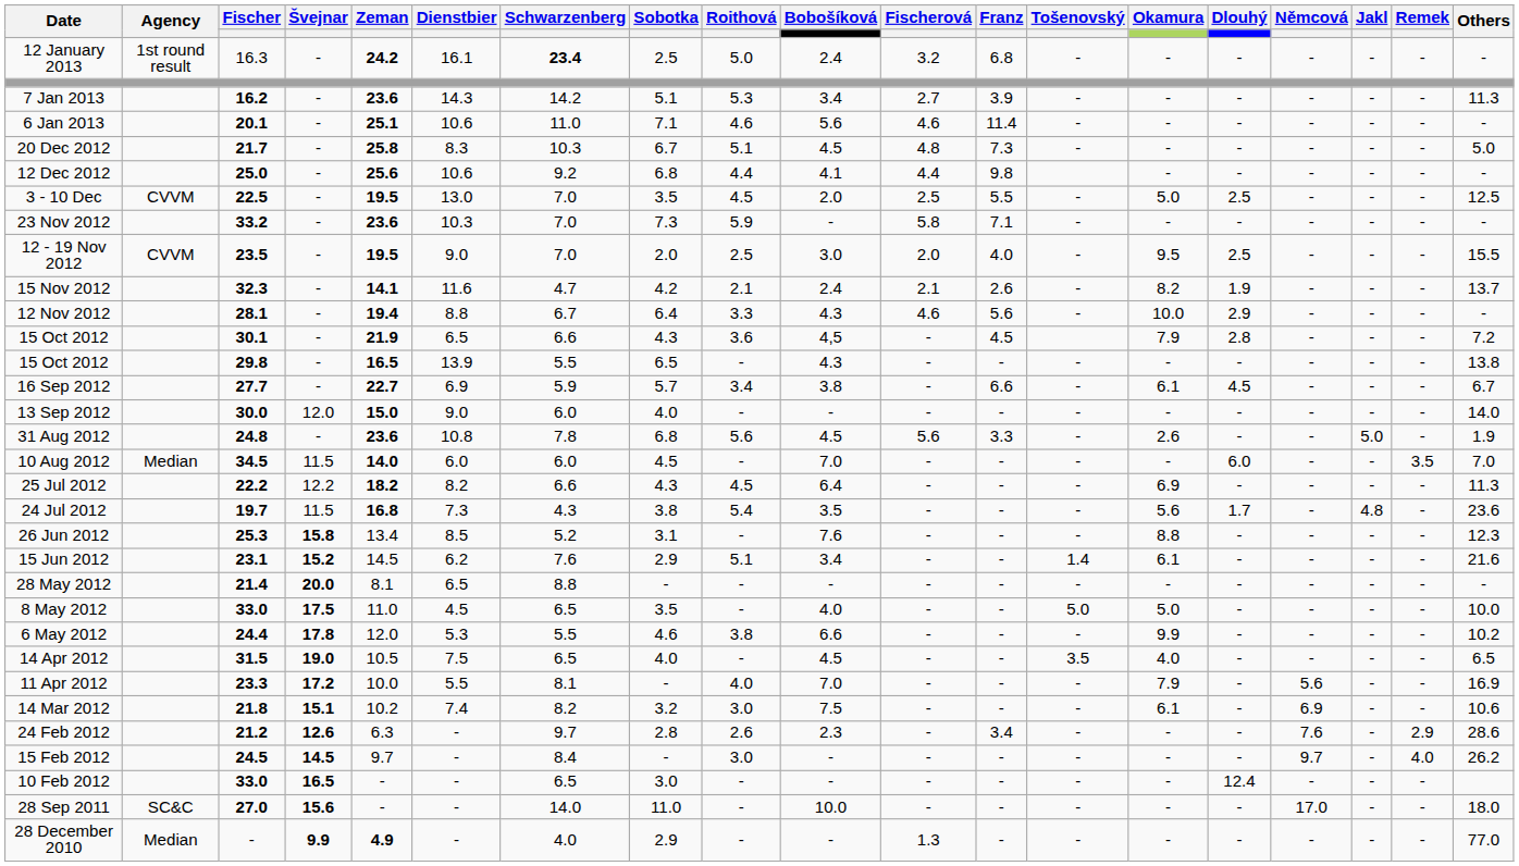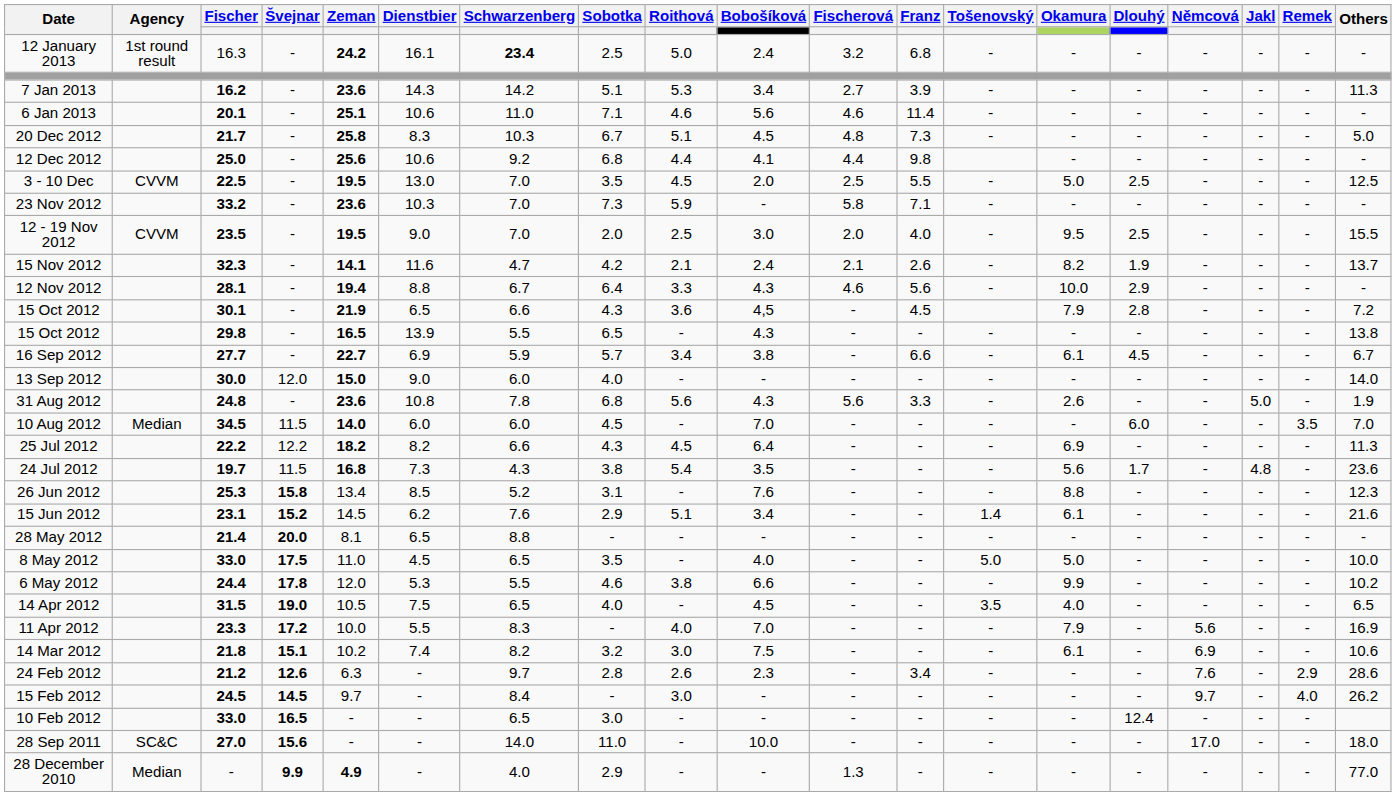 <table class="wikitable" style=text-align:center;font-size:85%;line-height:14px;">
 <tr>
 <th rowspan=2>Date</th>
 <th rowspan=2>Agency</th>
 <th><a href='#'>Fischer</a></th>
 <th><a href='#'>Švejnar</a></th>
 <th><a href='#'>Zeman</a></th>
 <th><a href='#'>Dienstbier</a></th>
 <th><a href='#'>Schwarzenberg</a></th>
 <th><a href='#'>Sobotka</a></th>
 <th><a href='#'>Roithová</a></th>
 <th><a href='#'>Bobošíková</a></th>
 <th><a href='#'>Fischerová</a></th>
 <th><a href='#'>Franz</a></th>
 <th><a href='#'>Tošenovský</a></th>
 <th><a href='#'>Okamura</a></th>
 <th><a href='#'>Dlouhý</a></th>
 <th><a href='#'>Němcová</a></th>
 <th><a href='#'>Jakl</a></th>
 <th><a href='#'>Remek</a></th>
 <th rowspan=2>Others</th>
 </tr>
 <tr>
 <th style="background:"></th>
 <th style="background:"></th>
 <th style="background:"></th>
 <th style="background:"></th>
 <th style="background:"></th>
 <th style="background:"></th>
 <th style="background:"></th>
 <th style="background:#000000; width:40px;"></th>
 <th style="background:"></th>
 <th style="background:"></th>
 <th style="background:"></th>
 <th style="background:#ACD55F; width:40px;"></th>
 <th style="background:#0000FF; width:40px;"></th>
 <th style="background:"></th>
 <th style="background:"></th>
 <th style="background:"></th>
 </tr>
 <tr>
 <td>12 January 2013</td>
 <td>1st round result</td>
 <td>16.3</td>
 <td>-</td>
 <td><strong>24.2</strong></td>
 <td>16.1</td>
 <td><strong>23.4</strong></td>
 <td>2.5</td>
 <td>5.0</td>
 <td>2.4</td>
 <td>3.2</td>
 <td>6.8</td>
 <td>-</td>
 <td>-</td>
 <td>-</td>
 <td>-</td>
 <td>-</td>
 <td>-</td>
 <td>-</td>
 </tr>
 <tr>
 <td colspan="19" style="background:#A0A0A0"></td>
 </tr>
 <tr>
 <td>7 Jan 2013</td>
 <td></td>
 <td><strong>16.2</strong></td>
 <td>-</td>
 <td><strong>23.6</strong></td>
 <td>14.3</td>
 <td>14.2</td>
 <td>5.1</td>
 <td>5.3</td>
 <td>3.4</td>
 <td>2.7</td>
 <td>3.9</td>
 <td>-</td>
 <td>-</td>
 <td>-</td>
 <td>-</td>
 <td>-</td>
 <td>-</td>
 <td>11.3</td>
 </tr>
 <tr>
 <td>6 Jan 2013</td>
 <td></td>
 <td><strong>20.1</strong></td>
 <td>-</td>
 <td><strong>25.1</strong></td>
 <td>10.6</td>
 <td>11.0</td>
 <td>7.1</td>
 <td>4.6</td>
 <td>5.6</td>
 <td>4.6</td>
 <td>11.4</td>
 <td>-</td>
 <td>-</td>
 <td>-</td>
 <td>-</td>
 <td>-</td>
 <td>-</td>
 <td>-</td>
 </tr>
 <tr>
 <td>20 Dec 2012</td>
 <td></td>
 <td><strong>21.7</strong></td>
 <td>-</td>
 <td><strong>25.8</strong></td>
 <td>8.3</td>
 <td>10.3</td>
 <td>6.7</td>
 <td>5.1</td>
 <td>4.5</td>
 <td>4.8</td>
 <td>7.3</td>
 <td>-</td>
 <td>-</td>
 <td>-</td>
 <td>-</td>
 <td>-</td>
 <td>-</td>
 <td>5.0</td>
 </tr>
 <tr>
 <td>12 Dec 2012</td>
 <td></td>
 <td><strong>25.0</strong></td>
 <td>-</td>
 <td><strong>25.6</strong></td>
 <td>10.6</td>
 <td>9.2</td>
 <td>6.8</td>
 <td>4.4</td>
 <td>4.1</td>
 <td>4.4</td>
 <td>9.8</td>
 <td></td>
 <td>-</td>
 <td>-</td>
 <td>-</td>
 <td>-</td>
 <td>-</td>
 <td>-</td>
 </tr>
 <tr>
 <td>3 - 10 Dec</td>
 <td>CVVM</td>
 <td><strong>22.5</strong></td>
 <td>-</td>
 <td><strong>19.5</strong></td>
 <td>13.0</td>
 <td>7.0</td>
 <td>3.5</td>
 <td>4.5</td>
 <td>2.0</td>
 <td>2.5</td>
 <td>5.5</td>
 <td>-</td>
 <td>5.0</td>
 <td>2.5</td>
 <td>-</td>
 <td>-</td>
 <td>-</td>
 <td>12.5</td>
 </tr>
 <tr>
 <td>23 Nov 2012</td>
 <td></td>
 <td><strong>33.2</strong></td>
 <td>-</td>
 <td><strong>23.6</strong></td>
 <td>10.3</td>
 <td>7.0</td>
 <td>7.3</td>
 <td>5.9</td>
 <td>-</td>
 <td>5.8</td>
 <td>7.1</td>
 <td>-</td>
 <td>-</td>
 <td>-</td>
 <td>-</td>
 <td>-</td>
 <td>-</td>
 <td>-</td>
 </tr>
 <tr>
 <td>12 - 19 Nov 2012</td>
 <td>CVVM</td>
 <td><strong>23.5</strong></td>
 <td>-</td>
 <td><strong>19.5</strong></td>
 <td>9.0</td>
 <td>7.0</td>
 <td>2.0</td>
 <td>2.5</td>
 <td>3.0</td>
 <td>2.0</td>
 <td>4.0</td>
 <td>-</td>
 <td>9.5</td>
 <td>2.5</td>
 <td>-</td>
 <td>-</td>
 <td>-</td>
 <td>15.5</td>
 </tr>
 <tr>
 <td>15 Nov 2012</td>
 <td></td>
 <td><strong>32.3</strong></td>
 <td>-</td>
 <td><strong>14.1</strong></td>
 <td>11.6</td>
 <td>4.7</td>
 <td>4.2</td>
 <td>2.1</td>
 <td>2.4</td>
 <td>2.1</td>
 <td>2.6</td>
 <td>-</td>
 <td>8.2</td>
 <td>1.9</td>
 <td>-</td>
 <td>-</td>
 <td>-</td>
 <td>13.7</td>
 </tr>
 <tr>
 <td>12 Nov 2012</td>
 <td></td>
 <td><strong>28.1</strong></td>
 <td>-</td>
 <td><strong>19.4</strong></td>
 <td>8.8</td>
 <td>6.7</td>
 <td>6.4</td>
 <td>3.3</td>
 <td>4.3</td>
 <td>4.6</td>
 <td>5.6</td>
 <td>-</td>
 <td>10.0</td>
 <td>2.9</td>
 <td>-</td>
 <td>-</td>
 <td>-</td>
 <td>-</td>
 </tr>
 <tr>
 <td>15 Oct 2012</td>
 <td></td>
 <td><strong>30.1</strong></td>
 <td>-</td>
 <td><strong>21.9</strong></td>
 <td>6.5</td>
 <td>6.6</td>
 <td>4.3</td>
 <td>3.6</td>
 <td>4,5</td>
 <td>-</td>
 <td>4.5</td>
 <td></td>
 <td>7.9</td>
 <td>2.8</td>
 <td>-</td>
 <td>-</td>
 <td>-</td>
 <td>7.2</td>
 </tr>
 <tr>
 <td>15 Oct 2012</td>
 <td></td>
 <td><strong>29.8</strong></td>
 <td>-</td>
 <td><strong>16.5</strong></td>
 <td>13.9</td>
 <td>5.5</td>
 <td>6.5</td>
 <td>-</td>
 <td>4.3</td>
 <td>-</td>
 <td>-</td>
 <td>-</td>
 <td>-</td>
 <td>-</td>
 <td>-</td>
 <td>-</td>
 <td>-</td>
 <td>13.8</td>
 </tr>
 <tr>
 <td>16 Sep 2012</td>
 <td></td>
 <td><strong>27.7</strong></td>
 <td>-</td>
 <td><strong>22.7</strong></td>
 <td>6.9</td>
 <td>5.9</td>
 <td>5.7</td>
 <td>3.4</td>
 <td>3.8</td>
 <td>-</td>
 <td>6.6</td>
 <td>-</td>
 <td>6.1</td>
 <td>4.5</td>
 <td>-</td>
 <td>-</td>
 <td>-</td>
 <td>6.7</td>
 </tr>
 <tr>
 <td>13 Sep 2012</td>
 <td></td>
 <td><strong>30.0</strong></td>
 <td>12.0</td>
 <td><strong>15.0</strong></td>
 <td>9.0</td>
 <td>6.0</td>
 <td>4.0</td>
 <td>-</td>
 <td>-</td>
 <td>-</td>
 <td>-</td>
 <td>-</td>
 <td>-</td>
 <td>-</td>
 <td>-</td>
 <td>-</td>
 <td>-</td>
 <td>14.0</td>
 </tr>
 <tr>
 <td>31 Aug 2012</td>
 <td></td>
 <td><strong>24.8</strong></td>
 <td>-</td>
 <td><strong>23.6</strong></td>
 <td>10.8</td>
 <td>7.8</td>
 <td>6.8</td>
 <td>5.6</td>
-<td>4.5</td>
+<td>4.3</td>
 <td>5.6</td>
 <td>3.3</td>
 <td>-</td>
 <td>2.6</td>
 <td>-</td>
 <td>-</td>
 <td>5.0</td>
 <td>-</td>
 <td>1.9</td>
 </tr>
 <tr>
 <td>10 Aug 2012</td>
 <td>Median</td>
 <td><strong>34.5</strong></td>
 <td>11.5</td>
 <td><strong>14.0</strong></td>
 <td>6.0</td>
 <td>6.0</td>
 <td>4.5</td>
 <td>-</td>
 <td>7.0</td>
 <td>-</td>
 <td>-</td>
 <td>-</td>
 <td>-</td>
 <td>6.0</td>
 <td>-</td>
 <td>-</td>
 <td>3.5</td>
 <td>7.0</td>
 </tr>
 <tr>
 <td>25 Jul 2012</td>
 <td></td>
 <td><strong>22.2</strong></td>
 <td>12.2</td>
 <td><strong>18.2</strong></td>
 <td>8.2</td>
 <td>6.6</td>
 <td>4.3</td>
 <td>4.5</td>
 <td>6.4</td>
 <td>-</td>
 <td>-</td>
 <td>-</td>
 <td>6.9</td>
 <td>-</td>
 <td>-</td>
 <td>-</td>
 <td>-</td>
 <td>11.3</td>
 </tr>
 <tr>
 <td>24 Jul 2012</td>
 <td></td>
 <td><strong>19.7</strong></td>
 <td>11.5</td>
 <td><strong>16.8</strong></td>
 <td>7.3</td>
 <td>4.3</td>
 <td>3.8</td>
 <td>5.4</td>
 <td>3.5</td>
 <td>-</td>
 <td>-</td>
 <td>-</td>
 <td>5.6</td>
 <td>1.7</td>
 <td>-</td>
 <td>4.8</td>
 <td>-</td>
 <td>23.6</td>
 </tr>
 <tr>
 <td>26 Jun 2012</td>
 <td></td>
 <td><strong>25.3</strong></td>
 <td><strong>15.8</strong></td>
 <td>13.4</td>
 <td>8.5</td>
 <td>5.2</td>
 <td>3.1</td>
 <td>-</td>
 <td>7.6</td>
 <td>-</td>
 <td>-</td>
 <td>-</td>
 <td>8.8</td>
 <td>-</td>
 <td>-</td>
 <td>-</td>
 <td>-</td>
 <td>12.3</td>
 </tr>
 <tr>
 <td>15 Jun 2012</td>
 <td></td>
 <td><strong>23.1</strong></td>
 <td><strong>15.2</strong></td>
 <td>14.5</td>
 <td>6.2</td>
 <td>7.6</td>
 <td>2.9</td>
 <td>5.1</td>
 <td>3.4</td>
 <td>-</td>
 <td>-</td>
 <td>1.4</td>
 <td>6.1</td>
 <td>-</td>
 <td>-</td>
 <td>-</td>
 <td>-</td>
 <td>21.6</td>
 </tr>
 <tr>
 <td>28 May 2012</td>
 <td></td>
 <td><strong>21.4</strong></td>
 <td><strong>20.0</strong></td>
 <td>8.1</td>
 <td>6.5</td>
 <td>8.8</td>
 <td>-</td>
 <td>-</td>
 <td>-</td>
 <td>-</td>
 <td>-</td>
 <td>-</td>
 <td>-</td>
 <td>-</td>
 <td>-</td>
 <td>-</td>
 <td>-</td>
 <td>-</td>
 </tr>
 <tr>
 <td>8 May 2012</td>
 <td></td>
 <td><strong>33.0</strong></td>
 <td><strong>17.5</strong></td>
 <td>11.0</td>
 <td>4.5</td>
 <td>6.5</td>
 <td>3.5</td>
 <td>-</td>
 <td>4.0</td>
 <td>-</td>
 <td>-</td>
 <td>5.0</td>
 <td>5.0</td>
 <td>-</td>
 <td>-</td>
 <td>-</td>
 <td>-</td>
 <td>10.0</td>
 </tr>
 <tr>
 <td>6 May 2012</td>
 <td></td>
 <td><strong>24.4</strong></td>
 <td><strong>17.8</strong></td>
 <td>12.0</td>
 <td>5.3</td>
 <td>5.5</td>
 <td>4.6</td>
 <td>3.8</td>
 <td>6.6</td>
 <td>-</td>
 <td>-</td>
 <td>-</td>
 <td>9.9</td>
 <td>-</td>
 <td>-</td>
 <td>-</td>
 <td>-</td>
 <td>10.2</td>
 </tr>
 <tr>
 <td>14 Apr 2012</td>
 <td></td>
 <td><strong>31.5</strong></td>
 <td><strong>19.0</strong></td>
 <td>10.5</td>
 <td>7.5</td>
 <td>6.5</td>
 <td>4.0</td>
 <td>-</td>
 <td>4.5</td>
 <td>-</td>
 <td>-</td>
 <td>3.5</td>
 <td>4.0</td>
 <td>-</td>
 <td>-</td>
 <td>-</td>
 <td>-</td>
 <td>6.5</td>
 </tr>
 <tr>
 <td>11 Apr 2012</td>
 <td></td>
 <td><strong>23.3</strong></td>
 <td><strong>17.2</strong></td>
 <td>10.0</td>
 <td>5.5</td>
-<td>8.1</td>
+<td>8.3</td>
 <td>-</td>
 <td>4.0</td>
 <td>7.0</td>
 <td>-</td>
 <td>-</td>
 <td>-</td>
 <td>7.9</td>
 <td>-</td>
 <td>5.6</td>
 <td>-</td>
 <td>-</td>
 <td>16.9</td>
 </tr>
 <tr>
 <td>14 Mar 2012</td>
 <td></td>
 <td><strong>21.8</strong></td>
 <td><strong>15.1</strong></td>
 <td>10.2</td>
 <td>7.4</td>
 <td>8.2</td>
 <td>3.2</td>
 <td>3.0</td>
 <td>7.5</td>
 <td>-</td>
 <td>-</td>
 <td>-</td>
 <td>6.1</td>
 <td>-</td>
 <td>6.9</td>
 <td>-</td>
 <td>-</td>
 <td>10.6</td>
 </tr>
 <tr>
 <td>24 Feb 2012</td>
 <td></td>
 <td><strong>21.2</strong></td>
 <td><strong>12.6</strong></td>
 <td>6.3</td>
 <td>-</td>
 <td>9.7</td>
 <td>2.8</td>
 <td>2.6</td>
 <td>2.3</td>
 <td>-</td>
 <td>3.4</td>
 <td>-</td>
 <td>-</td>
 <td>-</td>
 <td>7.6</td>
 <td>-</td>
 <td>2.9</td>
 <td>28.6</td>
 </tr>
 <tr>
 <td>15 Feb 2012</td>
 <td></td>
 <td><strong>24.5</strong></td>
 <td><strong>14.5</strong></td>
 <td>9.7</td>
 <td>-</td>
 <td>8.4</td>
 <td>-</td>
 <td>3.0</td>
 <td>-</td>
 <td>-</td>
 <td>-</td>
 <td>-</td>
 <td>-</td>
 <td>-</td>
 <td>9.7</td>
 <td>-</td>
 <td>4.0</td>
 <td>26.2</td>
 </tr>
 <tr>
 <td>10 Feb 2012</td>
 <td></td>
 <td><strong>33.0</strong></td>
 <td><strong>16.5</strong></td>
 <td>-</td>
 <td>-</td>
 <td>6.5</td>
 <td>3.0</td>
 <td>-</td>
 <td>-</td>
 <td>-</td>
 <td>-</td>
 <td>-</td>
 <td>-</td>
 <td>12.4</td>
 <td>-</td>
 <td>-</td>
 <td>-</td>
 <td></td>
 </tr>
 <tr>
 <td>28 Sep 2011</td>
 <td>SC&C</td>
 <td><strong>27.0</strong></td>
 <td><strong>15.6</strong></td>
 <td>-</td>
 <td>-</td>
 <td>14.0</td>
 <td>11.0</td>
 <td>-</td>
 <td>10.0</td>
 <td>-</td>
 <td>-</td>
 <td>-</td>
 <td>-</td>
 <td>-</td>
 <td>17.0</td>
 <td>-</td>
 <td>-</td>
 <td>18.0</td>
 </tr>
 <tr>
 <td>28 December 2010</td>
 <td>Median</td>
 <td>-</td>
 <td><strong>9.9</strong></td>
 <td><strong>4.9</strong></td>
 <td>-</td>
 <td>4.0</td>
 <td>2.9</td>
 <td>-</td>
 <td>-</td>
 <td>1.3</td>
 <td>-</td>
 <td>-</td>
 <td>-</td>
 <td>-</td>
 <td>-</td>
 <td>-</td>
 <td>-</td>
 <td>77.0</td>
 </tr>
 </table>
